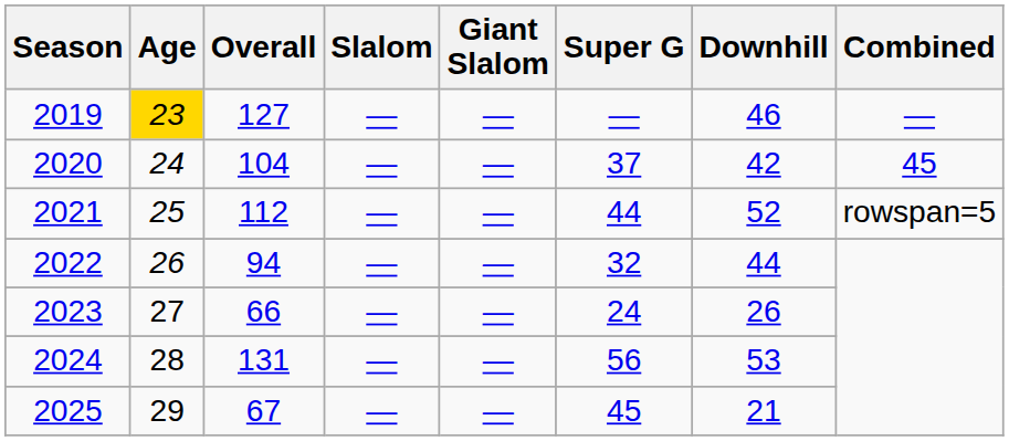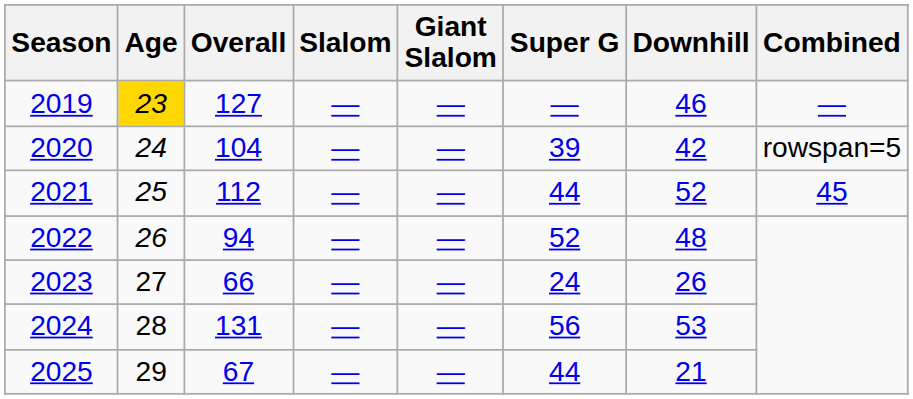 <table class=wikitable style="text-align:center">
 <tr>
 <th>Season</th>
 <th>Age</th>
 <th>Overall</th>
 <th>Slalom</th>
 <th>Giant<br>Slalom</th>
 <th>Super G</th>
 <th>Downhill</th>
 <th>Combined</th>
 </tr>
 <tr>
 <td><a href='#'>2019</a></td>
 <td style="background: gold;"><em>23</em></td>
 <td><a href='#'>127</a></td>
 <td><a href='#'>—</a></td>
 <td><a href='#'>—</a></td>
 <td><a href='#'>—</a></td>
 <td><a href='#'>46</a></td>
 <td><a href='#'>—</a></td>
 </tr>
 <tr>
 <td><a href='#'>2020</a></td>
 <td><em>24</em></td>
 <td><a href='#'>104</a></td>
 <td><a href='#'>—</a></td>
 <td><a href='#'>—</a></td>
-<td><a href='#'>37</a></td>
+<td><a href='#'>39</a></td>
 <td><a href='#'>42</a></td>
-<td><a href='#'>45</a></td>
+<td>rowspan=5 </td>
 </tr>
 <tr>
 <td><a href='#'>2021</a></td>
 <td><em>25</em></td>
 <td><a href='#'>112</a></td>
 <td><a href='#'>—</a></td>
 <td><a href='#'>—</a></td>
 <td><a href='#'>44</a></td>
 <td><a href='#'>52</a></td>
-<td>rowspan=5 </td>
+<td><a href='#'>45</a></td>
 </tr>
 <tr>
 <td><a href='#'>2022</a></td>
 <td><em>26</em></td>
 <td><a href='#'>94</a></td>
 <td><a href='#'>—</a></td>
 <td><em><a href='#'>—</a></td>
-<td><a href='#'>32</a></td>
-<td><a href='#'>44</a></td>
+<td><a href='#'>52</a></td>
+<td><a href='#'>48</a></td>
 </tr>
 <tr>
 <td><a href='#'>2023</a></td>
 <td></em>27<em></td>
 <td><a href='#'>66</a></td>
 <td><a href='#'>—</a></td>
 <td><a href='#'>—</a></td>
 <td><a href='#'>24</a></td>
 <td><a href='#'>26</a></td>
 </tr>
 <tr>
 <td><a href='#'>2024</a></td>
 <td></em>28<em></td>
 <td><a href='#'>131</a></td>
 <td><a href='#'>—</a></td>
 <td><a href='#'>—</a></td>
 <td><a href='#'>56</a></td>
 <td><a href='#'>53</a></td>
 </tr>
 <tr>
 <td><a href='#'>2025</a></td>
 <td></em>29<em></td>
 <td><a href='#'></em>67<em></a></td>
 <td><a href='#'>—</a></td>
 <td><a href='#'>—</a></td>
-<td><a href='#'></em>45<em></a></td>
+<td><a href='#'></em>44<em></a></td>
 <td><a href='#'></em>21<em></a></td>
 </tr>
 </table>
